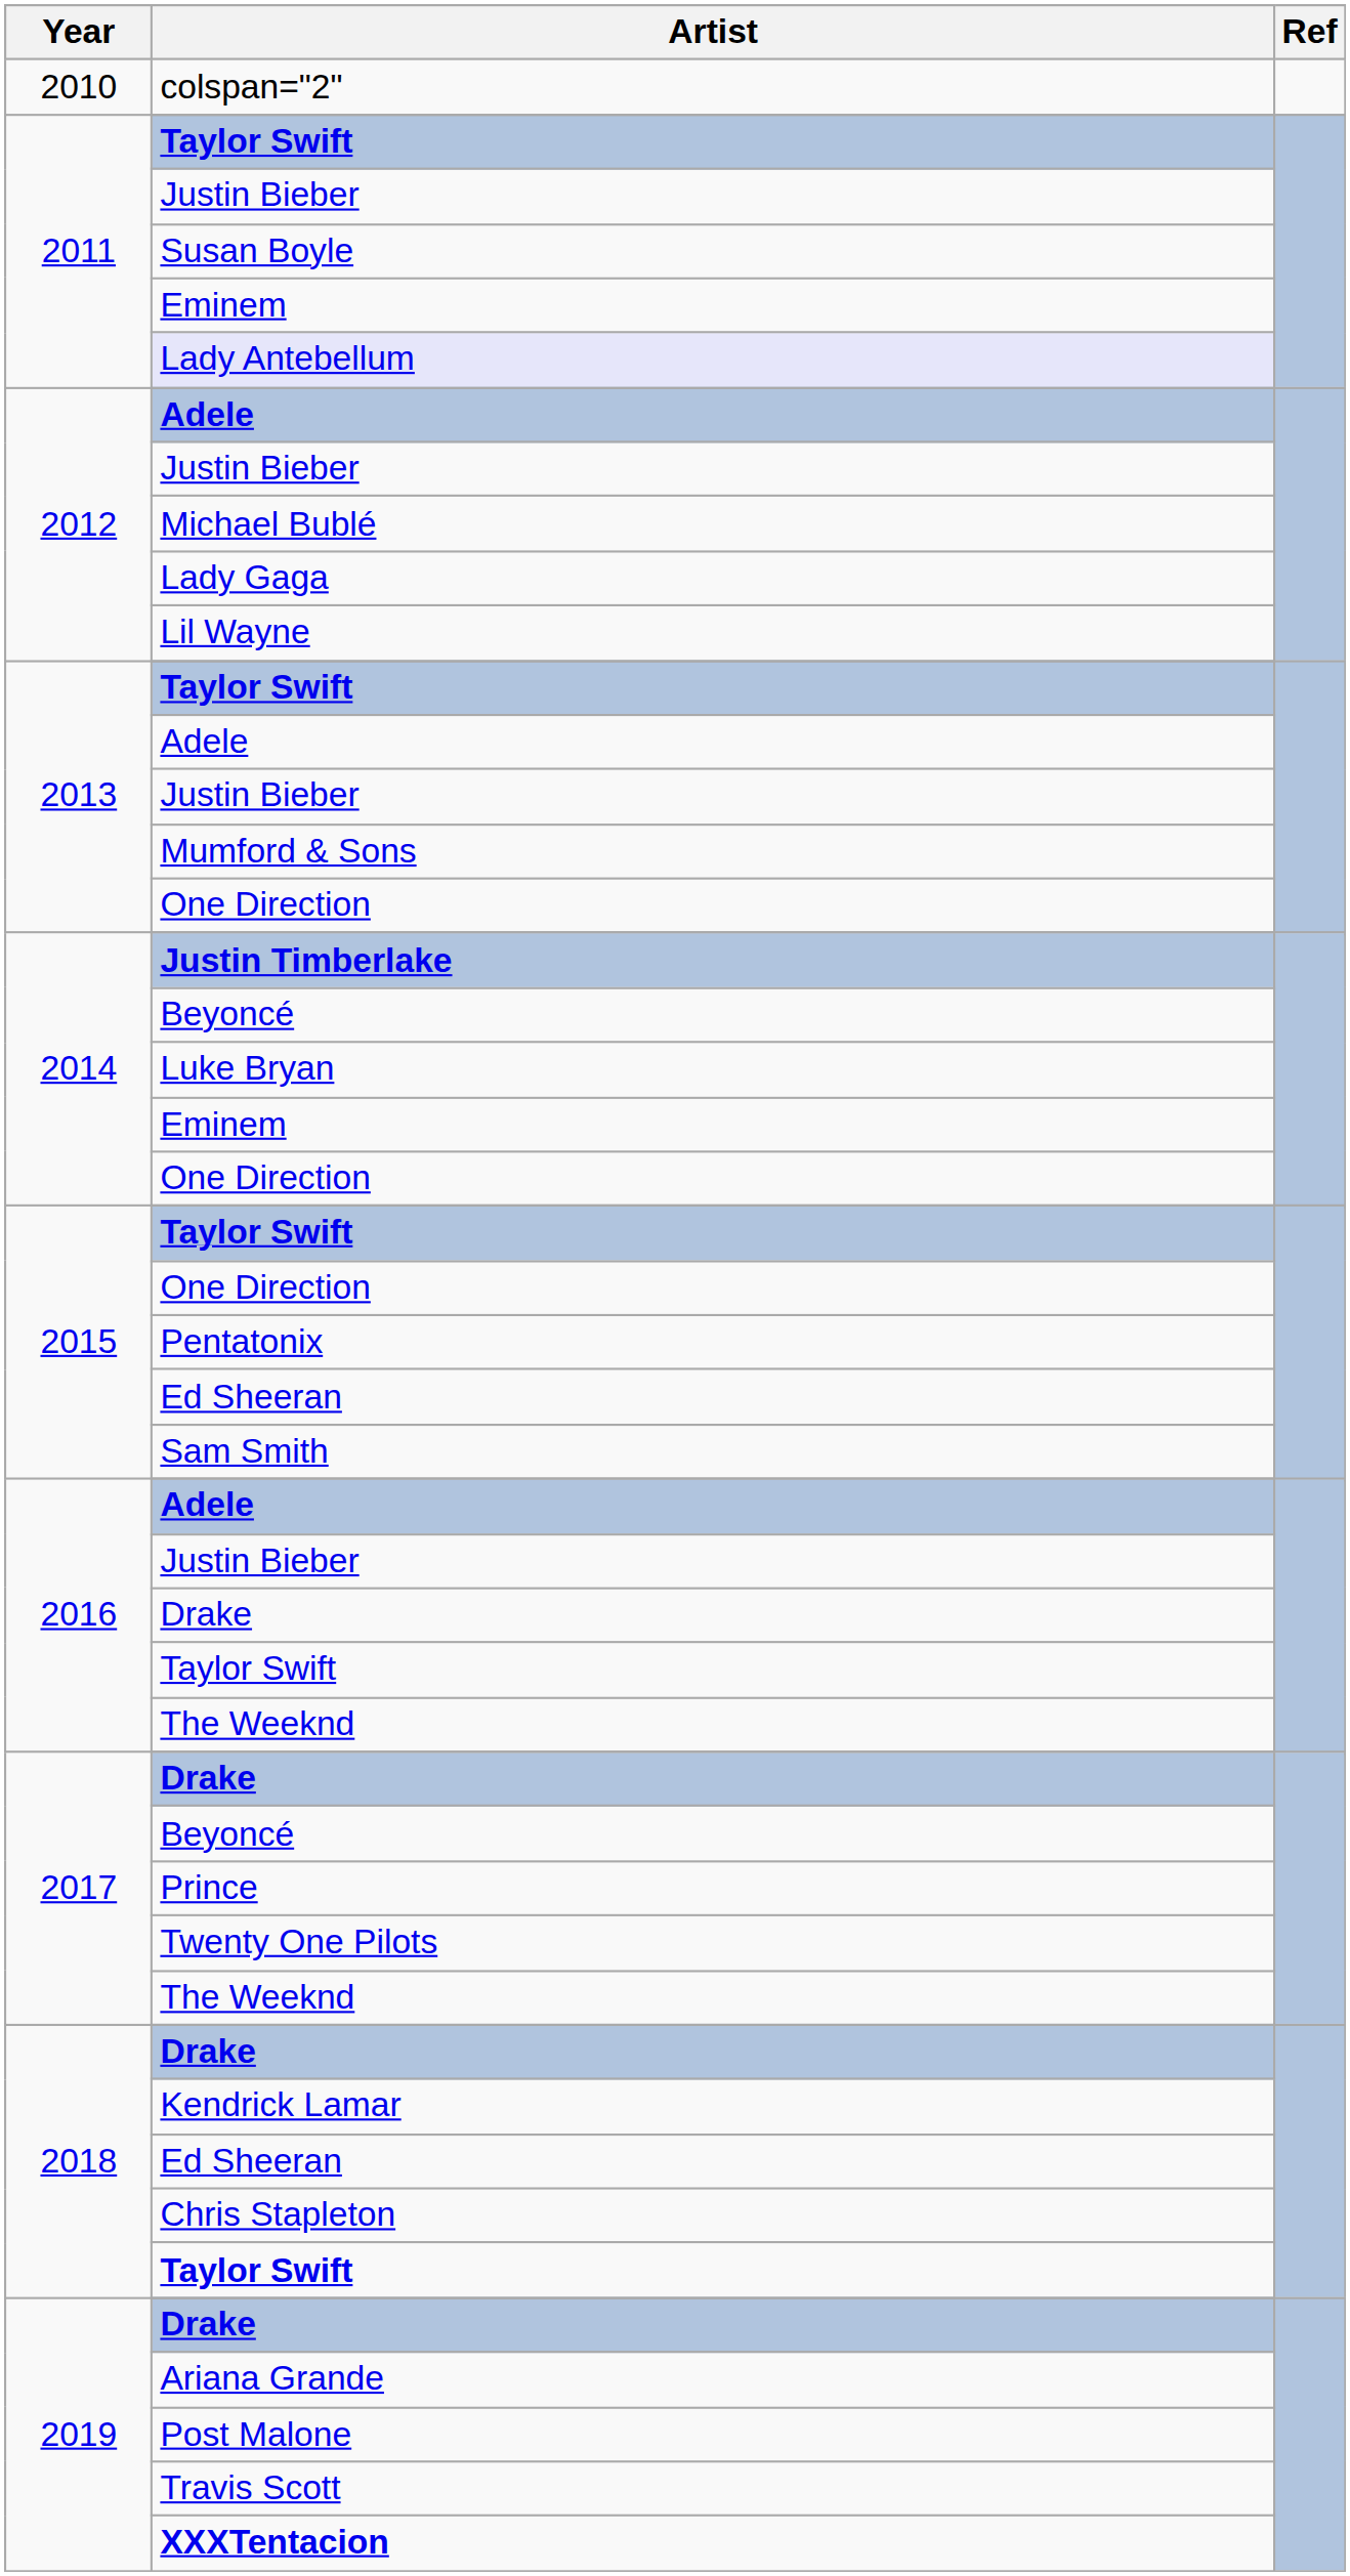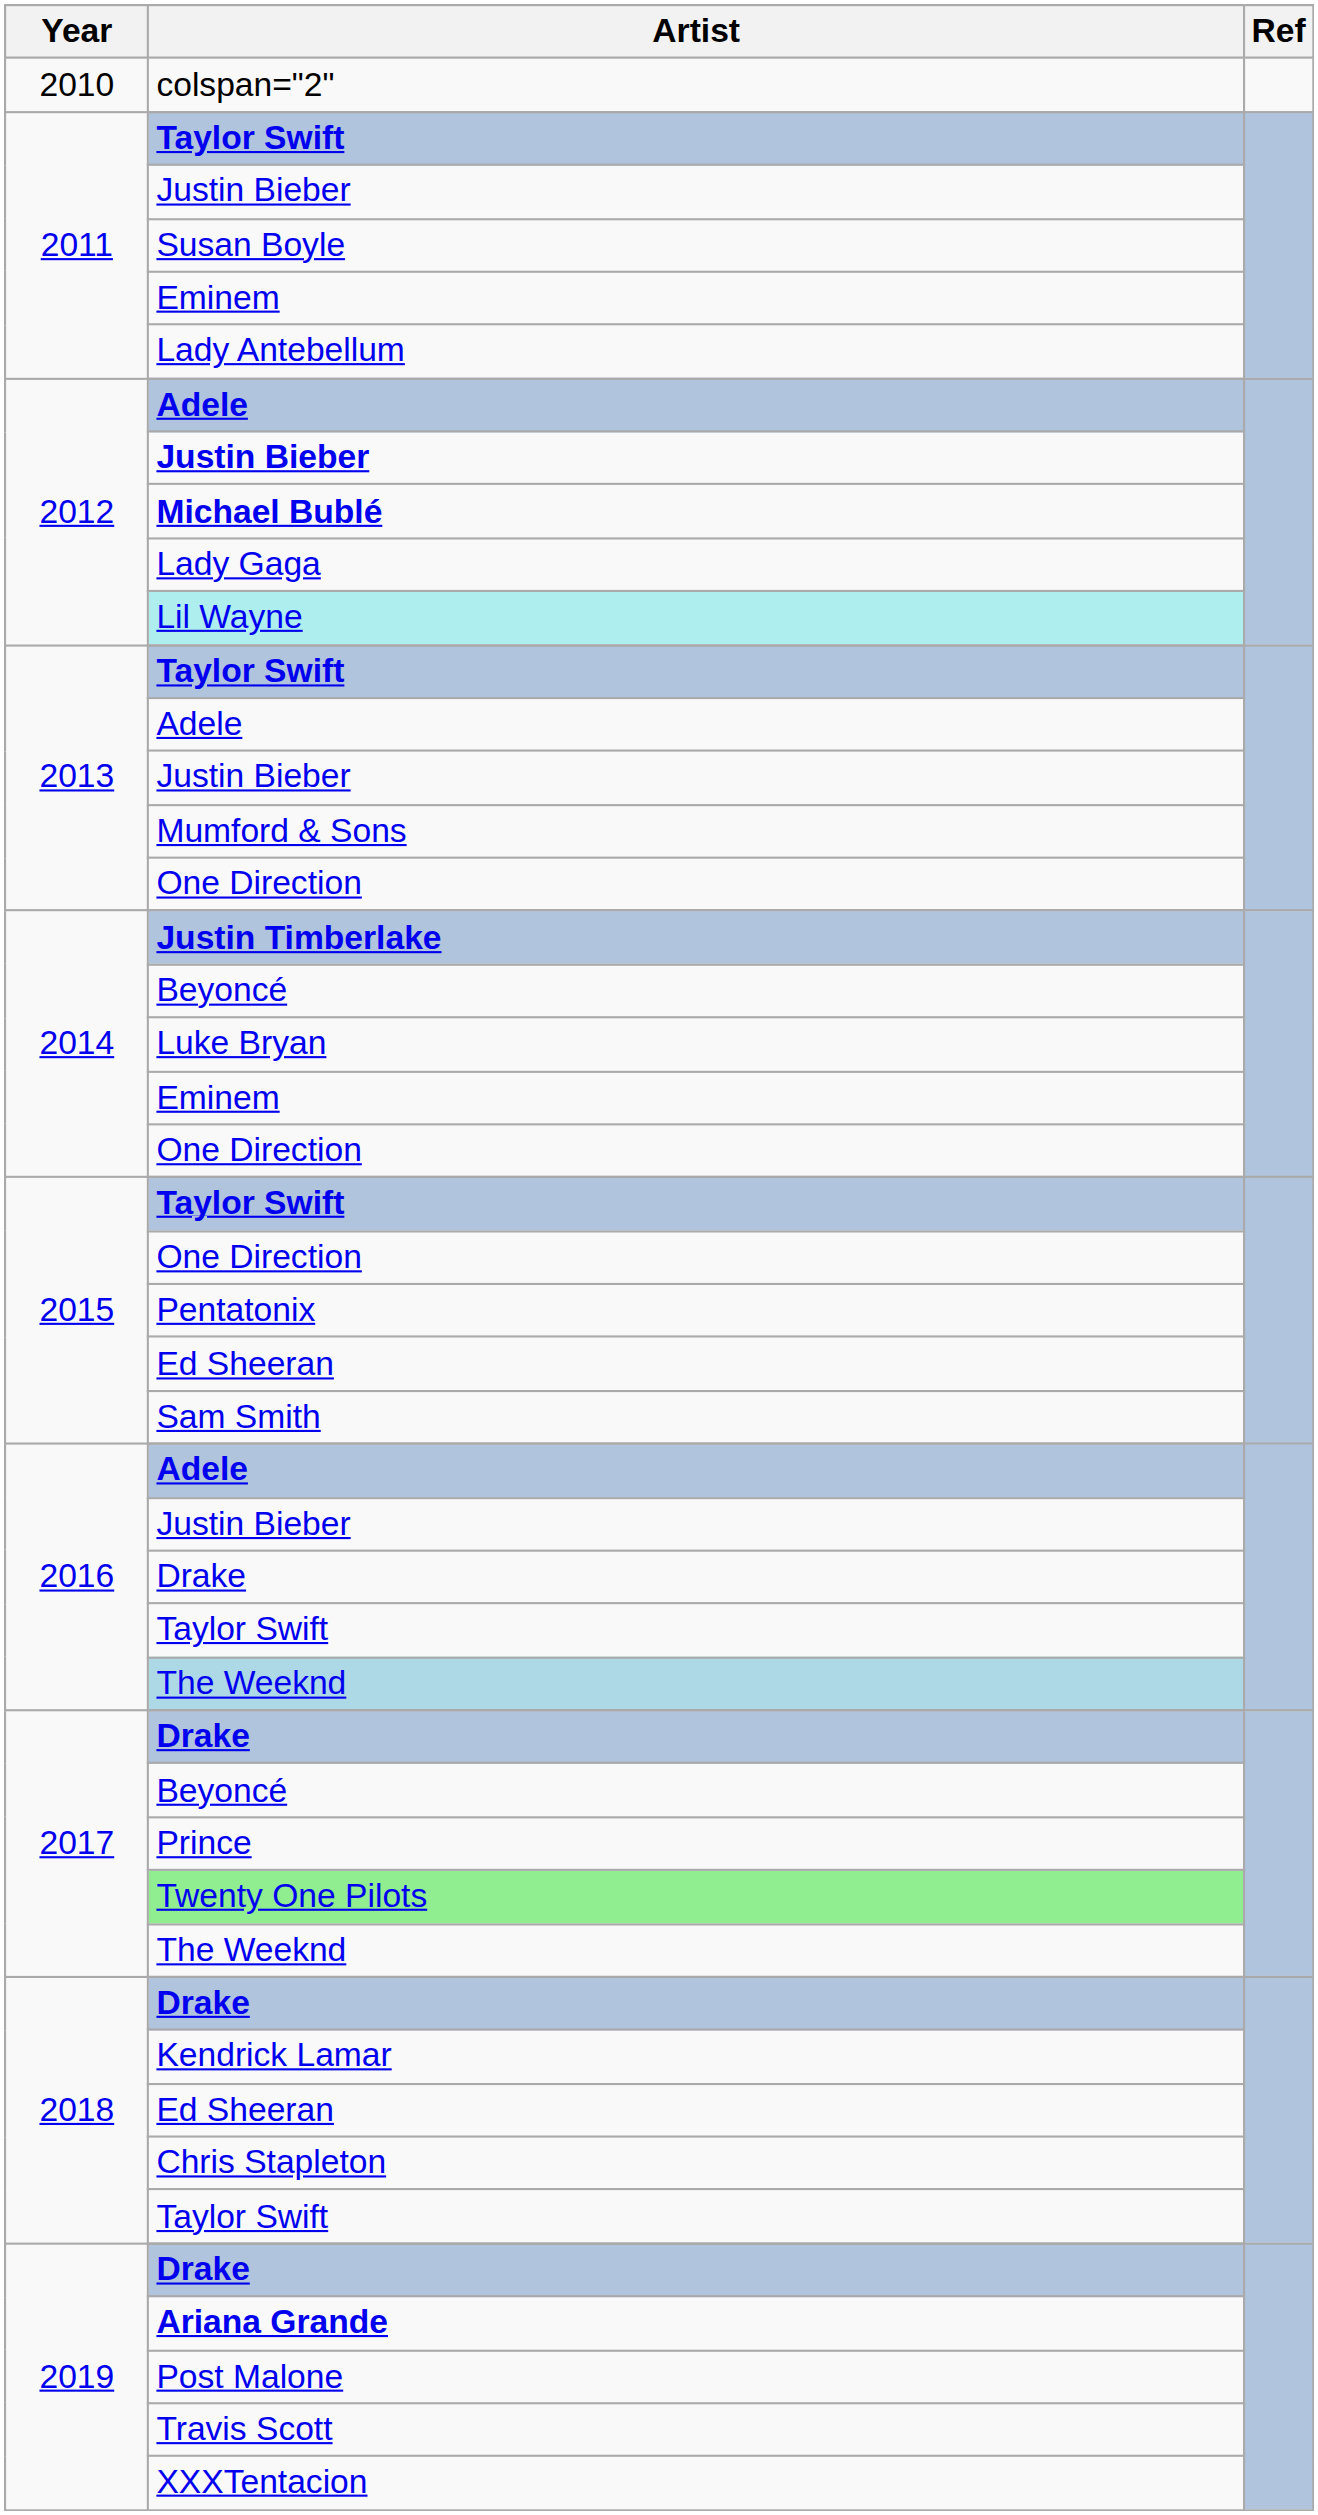 <table class="wikitable" style="width:100%;">
 <tr style="background:#bebebe;">
 <th style="width:11%;">Year</th>
 <th style="width:84%;">Artist</th>
 <th style="width:5%;">Ref</th>
 </tr>
 <tr>
 <td align="center">2010</td>
 <td>colspan="2" </td>
 </tr>
 <tr>
 <td rowspan="6" align="center"><a href='#'>2011</a></td>
 </tr>
 <tr style="background:#B0C4DE">
 <td><strong><a href='#'>Taylor Swift</a></strong></td>
 <td rowspan="6" align="center"></td>
 </tr>
 <tr>
 <td><a href='#'>Justin Bieber</a></td>
 </tr>
 <tr>
 <td><a href='#'>Susan Boyle</a></td>
 </tr>
 <tr>
 <td><a href='#'>Eminem</a></td>
 </tr>
 <tr>
-<td style="background: lavender;"><a href='#'>Lady Antebellum</a></td>
+<td><a href='#'>Lady Antebellum</a></td>
 </tr>
 <tr>
 <td rowspan="6" align="center"><a href='#'>2012</a></td>
 </tr>
 <tr style="background:#B0C4DE">
 <td><strong><a href='#'>Adele</a></strong></td>
 <td rowspan="6" align="center"></td>
 </tr>
 <tr>
-<td><a href='#'>Justin Bieber</a></td>
+<td><strong><a href='#'>Justin Bieber</a></strong></td>
 </tr>
 <tr>
-<td><a href='#'>Michael Bublé</a></td>
+<td><strong><a href='#'>Michael Bublé</a></strong></td>
 </tr>
 <tr>
 <td><a href='#'>Lady Gaga</a></td>
 </tr>
 <tr>
-<td><a href='#'>Lil Wayne</a></td>
+<td style="background: paleturquoise;"><a href='#'>Lil Wayne</a></td>
 </tr>
 <tr>
 <td rowspan="6" align="center"><a href='#'>2013</a></td>
 </tr>
 <tr style="background:#B0C4DE">
 <td><strong><a href='#'>Taylor Swift</a></strong></td>
 <td rowspan="6" align="center"></td>
 </tr>
 <tr>
 <td><a href='#'>Adele</a></td>
 </tr>
 <tr>
 <td><a href='#'>Justin Bieber</a></td>
 </tr>
 <tr>
 <td><a href='#'>Mumford & Sons</a></td>
 </tr>
 <tr>
 <td><a href='#'>One Direction</a></td>
 </tr>
 <tr>
 <td rowspan="6" align="center"><a href='#'>2014</a></td>
 </tr>
 <tr style="background:#B0C4DE">
 <td><strong><a href='#'>Justin Timberlake</a></strong></td>
 <td rowspan="6" align="center"></td>
 </tr>
 <tr>
 <td><a href='#'>Beyoncé</a></td>
 </tr>
 <tr>
 <td><a href='#'>Luke Bryan</a></td>
 </tr>
 <tr>
 <td><a href='#'>Eminem</a></td>
 </tr>
 <tr>
 <td><a href='#'>One Direction</a></td>
 </tr>
 <tr>
 <td rowspan="6" align="center"><a href='#'>2015</a></td>
 </tr>
 <tr style="background:#B0C4DE">
 <td><strong><a href='#'>Taylor Swift</a></strong></td>
 <td rowspan="6" align="center"></td>
 </tr>
 <tr>
 <td><a href='#'>One Direction</a></td>
 </tr>
 <tr>
 <td><a href='#'>Pentatonix</a></td>
 </tr>
 <tr>
 <td><a href='#'>Ed Sheeran</a></td>
 </tr>
 <tr>
 <td><a href='#'>Sam Smith</a></td>
 </tr>
 <tr>
 <td rowspan="6" align="center"><a href='#'>2016</a></td>
 </tr>
 <tr style="background:#B0C4DE">
 <td><strong><a href='#'>Adele</a></strong></td>
 <td rowspan="6" align="center"></td>
 </tr>
 <tr>
 <td><a href='#'>Justin Bieber</a></td>
 </tr>
 <tr>
 <td><a href='#'>Drake</a></td>
 </tr>
 <tr>
 <td><a href='#'>Taylor Swift</a></td>
 </tr>
 <tr>
-<td><a href='#'>The Weeknd</a></td>
+<td style="background: lightblue;"><a href='#'>The Weeknd</a></td>
 </tr>
 <tr>
 <td rowspan="6" align="center"><a href='#'>2017</a></td>
 </tr>
 <tr style="background:#B0C4DE">
 <td><strong><a href='#'>Drake</a></strong></td>
 <td rowspan="6" align="center"></td>
 </tr>
 <tr>
 <td><a href='#'>Beyoncé</a></td>
 </tr>
 <tr>
 <td><a href='#'>Prince</a></td>
 </tr>
 <tr>
-<td><a href='#'>Twenty One Pilots</a></td>
+<td style="background: lightgreen;"><a href='#'>Twenty One Pilots</a></td>
 </tr>
 <tr>
 <td><a href='#'>The Weeknd</a></td>
 </tr>
 <tr>
 <td rowspan="6" align="center"><a href='#'>2018</a></td>
 </tr>
 <tr style="background:#B0C4DE">
 <td><strong><a href='#'>Drake</a></strong></td>
 <td rowspan="6" align="center"></td>
 </tr>
 <tr>
 <td><a href='#'>Kendrick Lamar</a></td>
 </tr>
 <tr>
 <td><a href='#'>Ed Sheeran</a></td>
 </tr>
 <tr>
 <td><a href='#'>Chris Stapleton</a></td>
 </tr>
 <tr>
-<td><strong><a href='#'>Taylor Swift</a></strong></td>
+<td><a href='#'>Taylor Swift</a></td>
 </tr>
 <tr>
 <td rowspan="6" align="center"><a href='#'>2019</a></td>
 </tr>
 <tr style="background:#B0C4DE">
 <td><strong><a href='#'>Drake</a></strong></td>
 <td rowspan="6" align="center"></td>
 </tr>
 <tr>
-<td><a href='#'>Ariana Grande</a></td>
+<td><strong><a href='#'>Ariana Grande</a></strong></td>
 </tr>
 <tr>
 <td><a href='#'>Post Malone</a></td>
 </tr>
 <tr>
 <td><a href='#'>Travis Scott</a></td>
 </tr>
 <tr>
-<td><strong><a href='#'>XXXTentacion</a></strong></td>
+<td><a href='#'>XXXTentacion</a></td>
 </tr>
 </table>
